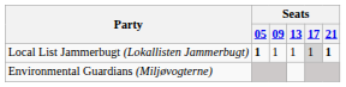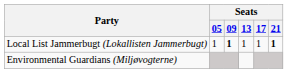 <table class="wikitable">
 <tr>
 <th rowspan=2>Party</th>
 <th colspan=11>Seats</th>
 </tr>
 <tr>
 <th><a href='#'>05</a></th>
 <th><a href='#'>09</a></th>
 <th><a href='#'>13</a></th>
 <th><a href='#'>17</a></th>
 <th><a href='#'>21</a></th>
 </tr>
 <tr>
 <td>Local List Jammerbugt <em>(Lokallisten Jammerbugt)</em></td>
+<td>1</td>
 <td><strong>1</strong></td>
 <td>1</td>
 <td>1</td>
-<td style="background: lightgrey;">1</td>
 <td><strong>1</strong></td>
 </tr>
 <tr>
 <td>Environmental Guardians <em>(Miljøvogterne)</em></td>
 <td style="background:#CDC9C9;" colspan=2></td>
 <td></td>
 <td style="background:#CDC9C9;" colspan=2></td>
 </tr>
 </table>
